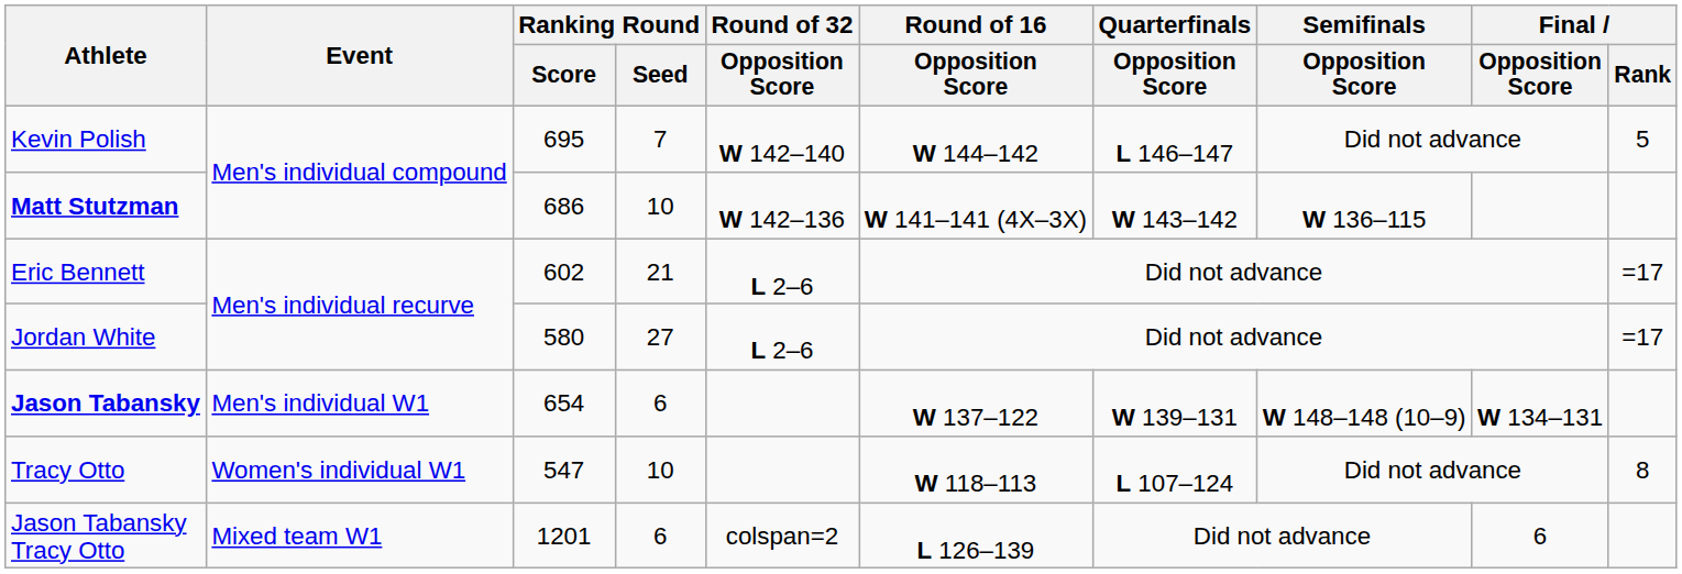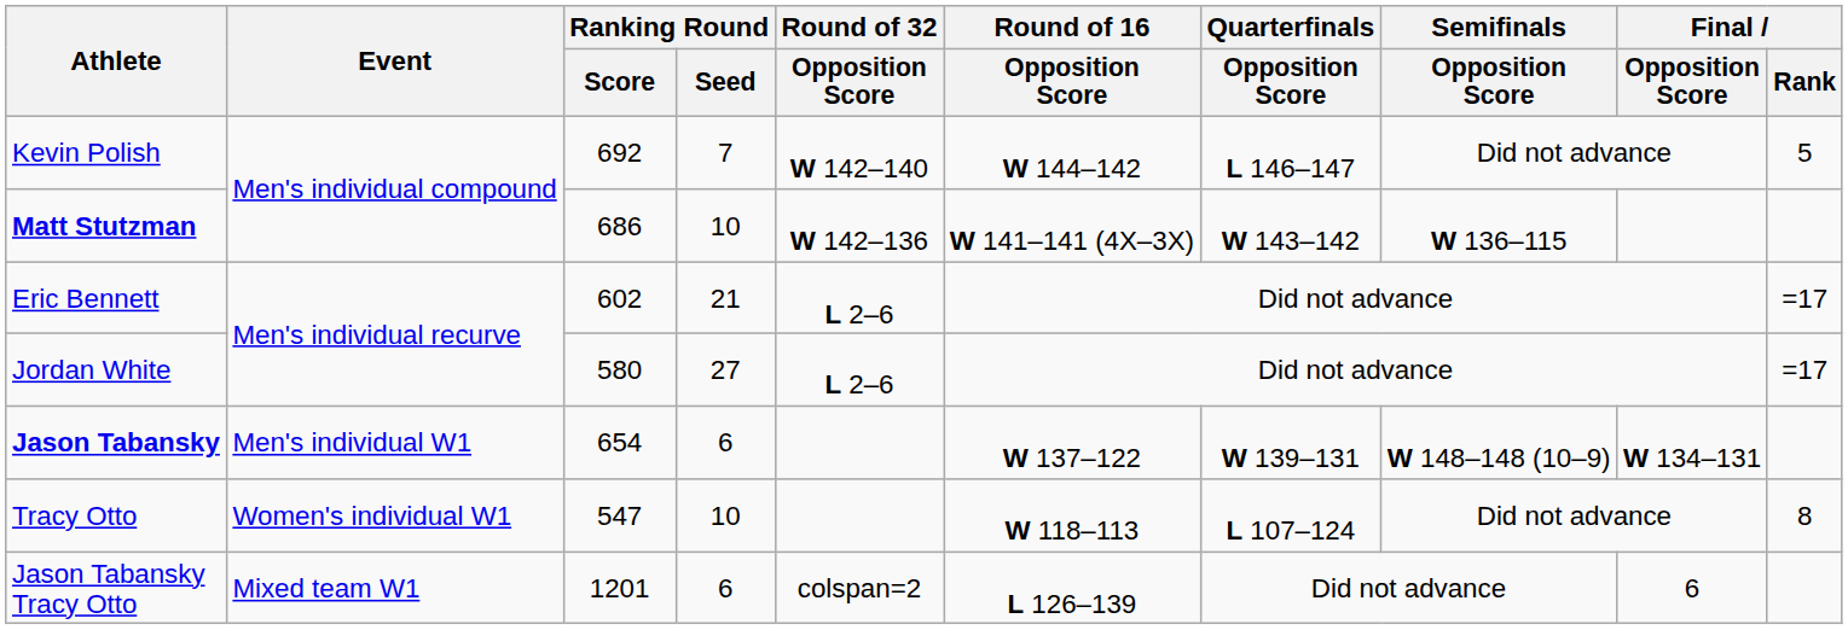 <table class=wikitable style=text-align:center;font-size:90%>
 <tr>
 <th rowspan=2>Athlete</th>
 <th rowspan=2>Event</th>
 <th colspan=2>Ranking Round</th>
 <th>Round of 32</th>
 <th>Round of 16</th>
 <th>Quarterfinals</th>
 <th>Semifinals</th>
 <th colspan=2>Final / </th>
 </tr>
 <tr style=font-size:95%>
 <th>Score</th>
 <th>Seed</th>
 <th>Opposition<br>Score</th>
 <th>Opposition<br>Score</th>
 <th>Opposition<br>Score</th>
 <th>Opposition<br>Score</th>
 <th>Opposition<br>Score</th>
 <th>Rank</th>
 </tr>
 <tr>
 <td align=left><a href='#'>Kevin Polish</a></td>
 <td align=left rowspan=2><a href='#'>Men's individual compound</a></td>
-<td>695</td>
+<td>692</td>
 <td>7</td>
 <td><br><strong>W</strong> 142–140</td>
 <td><br><strong>W</strong> 144–142</td>
 <td><br><strong>L</strong> 146–147</td>
 <td colspan=2>Did not advance</td>
 <td>5</td>
 </tr>
 <tr>
 <td align=left><strong><a href='#'>Matt Stutzman</a></strong></td>
 <td>686</td>
 <td>10</td>
 <td><br><strong>W</strong> 142–136</td>
 <td><br><strong>W</strong> 141–141 (4X–3X)</td>
 <td><br><strong>W</strong> 143–142</td>
 <td><br><strong>W</strong> 136–115</td>
 <td><br></td>
 <td></td>
 </tr>
 <tr>
 <td align=left><a href='#'>Eric Bennett</a></td>
 <td align=left rowspan=2><a href='#'>Men's individual recurve</a></td>
 <td>602</td>
 <td>21</td>
 <td><br><strong>L</strong> 2–6</td>
 <td colspan=4>Did not advance</td>
 <td>=17</td>
 </tr>
 <tr>
 <td align=left><a href='#'>Jordan White</a></td>
 <td>580</td>
 <td>27</td>
 <td><br><strong>L</strong> 2–6</td>
 <td colspan=4>Did not advance</td>
 <td>=17</td>
 </tr>
 <tr>
 <td align=left><strong><a href='#'>Jason Tabansky</a></strong></td>
 <td align=left><a href='#'>Men's individual W1</a></td>
 <td>654</td>
 <td>6</td>
 <td></td>
 <td><br><strong>W</strong> 137–122</td>
 <td><br><strong>W</strong> 139–131</td>
 <td><br><strong>W</strong> 148–148 (10–9)</td>
 <td><br><strong>W</strong> 134–131</td>
 <td></td>
 </tr>
 <tr>
 <td align=left><a href='#'>Tracy Otto</a></td>
 <td align=left><a href='#'>Women's individual W1</a></td>
 <td>547</td>
 <td>10</td>
 <td></td>
 <td><br><strong>W</strong> 118–113</td>
 <td><br><strong>L</strong> 107–124</td>
 <td colspan=2>Did not advance</td>
 <td>8</td>
 </tr>
 <tr>
 <td align=left><a href='#'>Jason Tabansky</a><br><a href='#'>Tracy Otto</a></td>
 <td align=left><a href='#'>Mixed team W1</a></td>
 <td>1201</td>
 <td>6</td>
 <td>colspan=2 </td>
 <td><br><strong>L</strong> 126–139</td>
 <td colspan=2>Did not advance</td>
 <td>6</td>
 </tr>
 </table>
